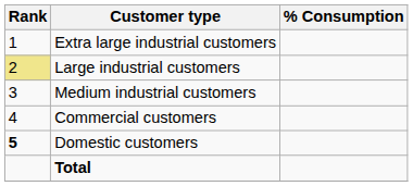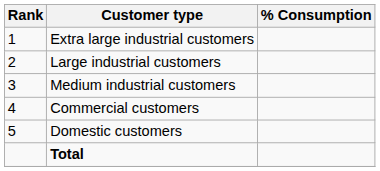 <table class="wikitable sortable" style="margin: 0.5em auto">
 <tr>
 <th>Rank</th>
 <th>Customer type</th>
 <th>% Consumption</th>
 </tr>
 <tr>
 <td>1</td>
 <td>Extra large industrial customers</td>
 <td></td>
 </tr>
 <tr>
-<td style="background: khaki;">2</td>
+<td>2</td>
 <td>Large industrial customers</td>
 <td></td>
 </tr>
 <tr>
 <td>3</td>
 <td>Medium industrial customers</td>
 <td></td>
 </tr>
 <tr>
 <td>4</td>
 <td>Commercial customers</td>
 <td></td>
 </tr>
 <tr>
-<td><strong>5</strong></td>
+<td>5</td>
 <td>Domestic customers</td>
 <td></td>
 </tr>
 <tr>
 <td></td>
 <td><strong>Total</strong></td>
 <td></td>
 </tr>
 <tr>
 </tr>
 </table>
